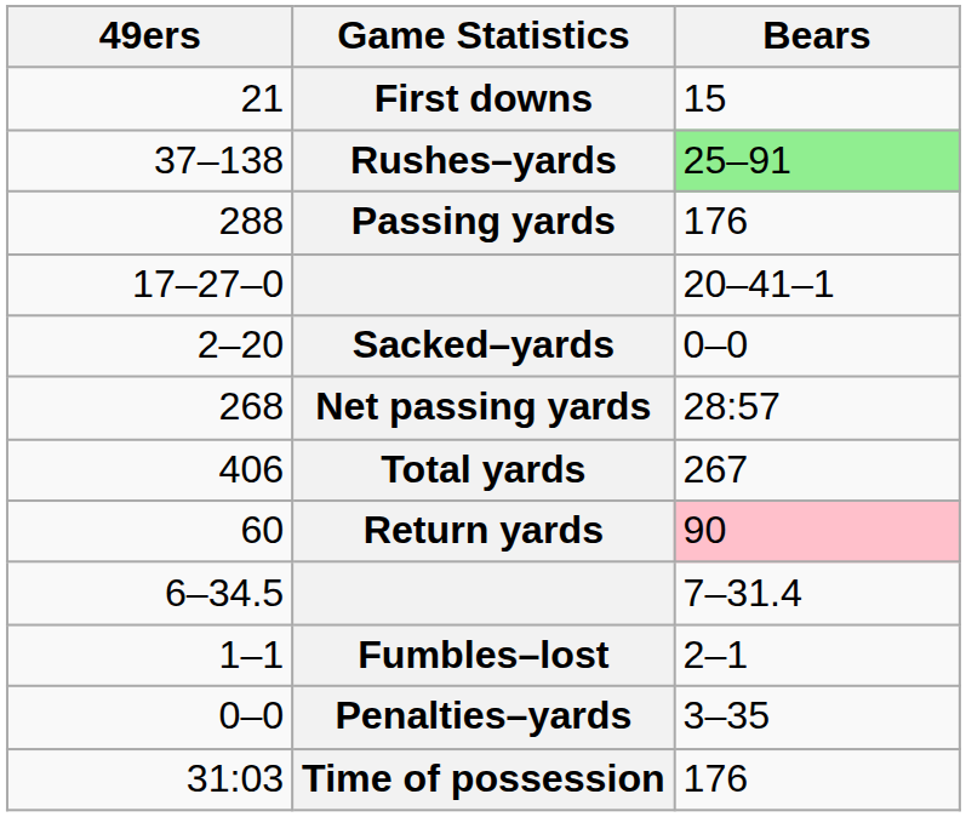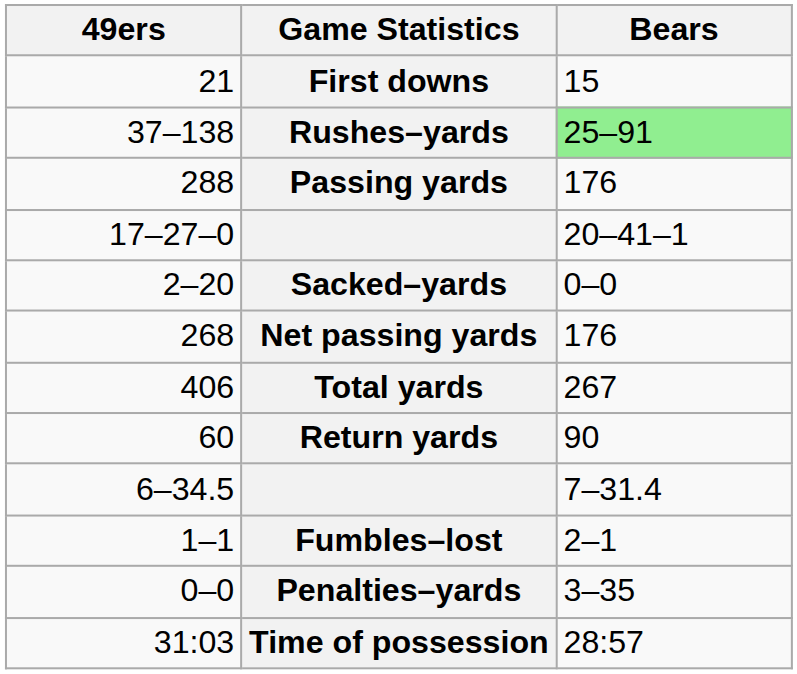 <table class="wikitable" style="margin: 1em auto 1em auto">
 <tr>
 <th style="width:30%;">49ers</th>
 <th style="width:40%;">Game Statistics</th>
 <th style="width:30%;">Bears</th>
 </tr>
 <tr>
 <td style="text-align:right;">21</td>
 <th>First downs</th>
 <td>15</td>
 </tr>
 <tr>
 <td style="text-align:right;">37–138</td>
 <th>Rushes–yards</th>
 <td style="background: lightgreen;">25–91</td>
 </tr>
 <tr>
 <td style="text-align:right;">288</td>
 <th>Passing yards</th>
 <td>176</td>
 </tr>
 <tr>
 <td style="text-align:right;">17–27–0</td>
 <th></th>
 <td>20–41–1</td>
 </tr>
 <tr>
 <td style="text-align:right;">2–20</td>
 <th>Sacked–yards</th>
 <td>0–0</td>
 </tr>
 <tr>
 <td style="text-align:right;">268</td>
 <th>Net passing yards</th>
-<td>28:57</td>
+<td>176</td>
 </tr>
 <tr>
 <td style="text-align:right;">406</td>
 <th>Total yards</th>
 <td>267</td>
 </tr>
 <tr>
 <td style="text-align:right;">60</td>
 <th>Return yards</th>
-<td style="background: pink;">90</td>
+<td>90</td>
 </tr>
 <tr>
 <td style="text-align:right;">6–34.5</td>
 <th></th>
 <td>7–31.4</td>
 </tr>
 <tr>
 <td style="text-align:right;">1–1</td>
 <th>Fumbles–lost</th>
 <td>2–1</td>
 </tr>
 <tr>
 <td style="text-align:right;">0–0</td>
 <th>Penalties–yards</th>
 <td>3–35</td>
 </tr>
 <tr>
 <td style="text-align:right;">31:03</td>
 <th>Time of possession</th>
-<td>176</td>
+<td>28:57</td>
 </tr>
 </table>
